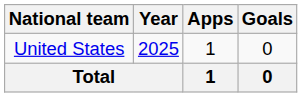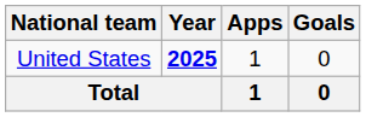 <table class="wikitable" style="text-align:center">
 <tr>
 <th>National team</th>
 <th>Year</th>
 <th>Apps</th>
 <th>Goals</th>
 </tr>
 <tr>
 <td><a href='#'>United States</a></td>
-<td><a href='#'>2025</a></td>
+<td><strong><a href='#'>2025</a></strong></td>
 <td>1</td>
 <td>0</td>
 </tr>
 <tr>
 <th colspan="2">Total</th>
 <th>1</th>
 <th>0</th>
 </tr>
 </table>
